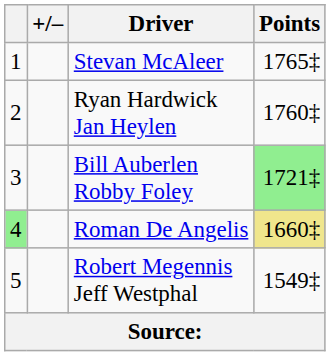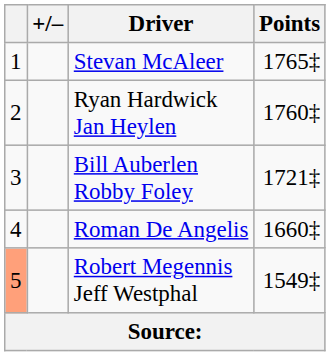 <table class="wikitable" style="font-size: 95%;">
 <tr>
 <th scope="col"></th>
 <th scope="col">+/–</th>
 <th scope="col">Driver</th>
 <th scope="col">Points</th>
 </tr>
 <tr>
 <td align=center>1</td>
 <td align="left"></td>
 <td> <a href='#'>Stevan McAleer</a></td>
 <td align=right>1765‡</td>
 </tr>
 <tr>
 <td align=center>2</td>
 <td align="left"></td>
 <td> Ryan Hardwick<br> <a href='#'>Jan Heylen</a></td>
 <td align=right>1760‡</td>
 </tr>
 <tr>
 <td align=center>3</td>
 <td align="left"></td>
 <td> <a href='#'>Bill Auberlen</a><br> <a href='#'>Robby Foley</a></td>
-<td align=right style="background: lightgreen;">1721‡</td>
+<td align=right>1721‡</td>
 </tr>
 <tr>
-<td align=center style="background: lightgreen;">4</td>
+<td align=center>4</td>
 <td align="left"></td>
 <td> <a href='#'>Roman De Angelis</a></td>
-<td align=right style="background: khaki;">1660‡</td>
+<td align=right>1660‡</td>
 </tr>
 <tr>
-<td align=center>5</td>
+<td align=center style="background: lightsalmon;">5</td>
 <td align="left"></td>
 <td> <a href='#'>Robert Megennis</a><br> Jeff Westphal</td>
 <td align=right>1549‡</td>
 </tr>
 <tr>
 <th colspan=5>Source:</th>
 </tr>
 </table>
